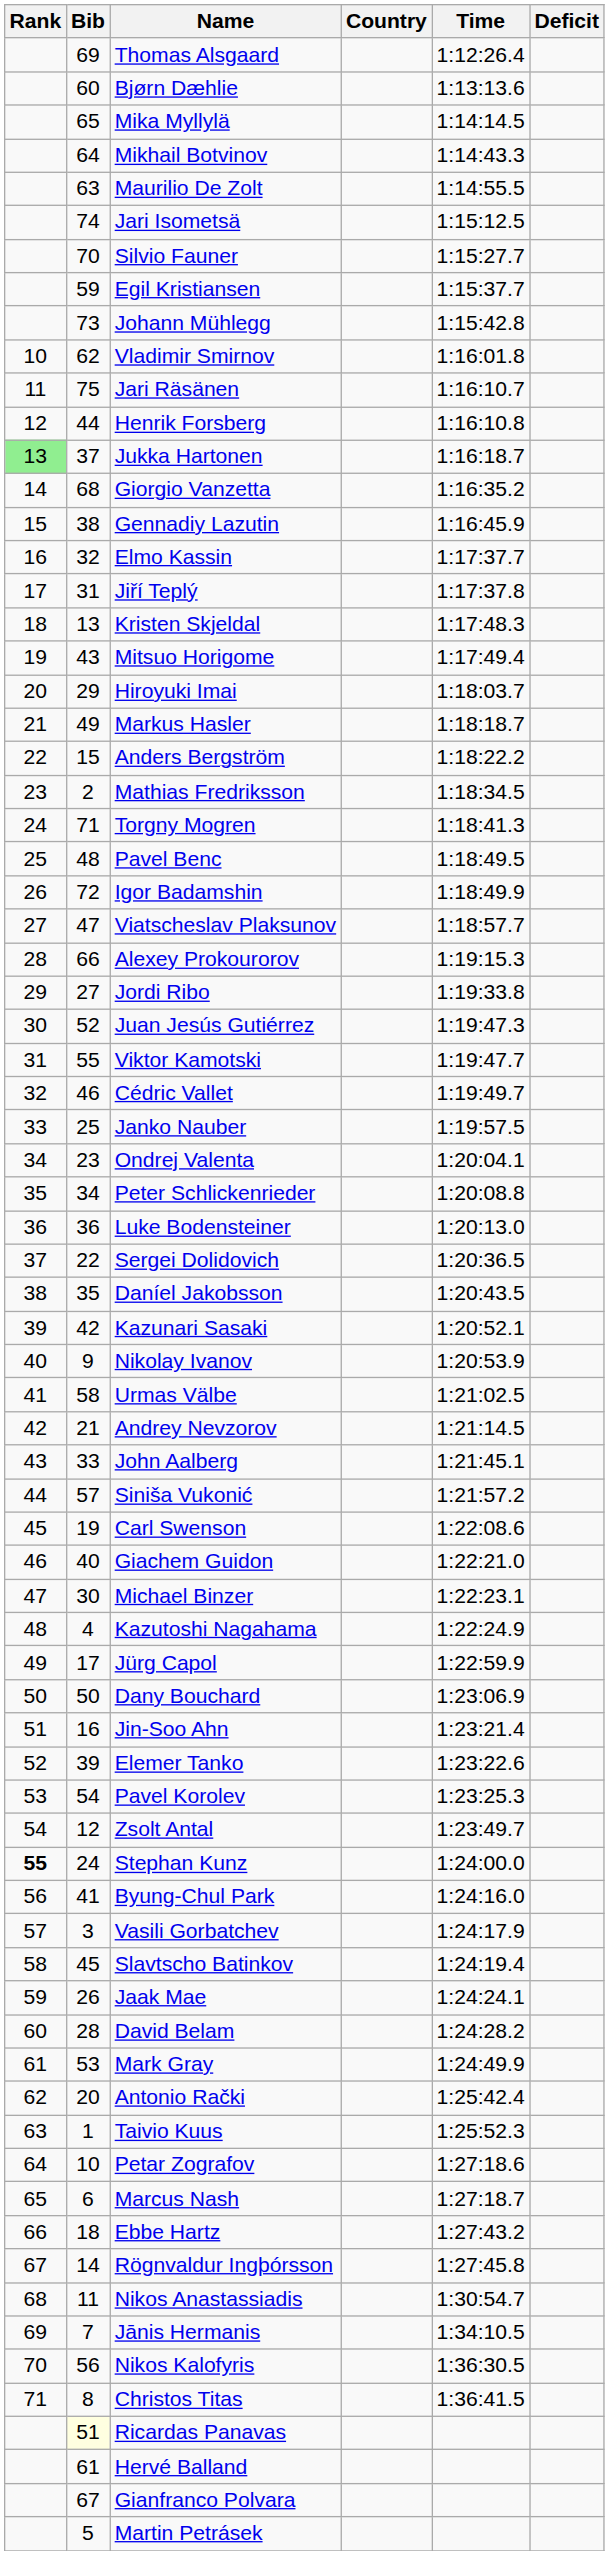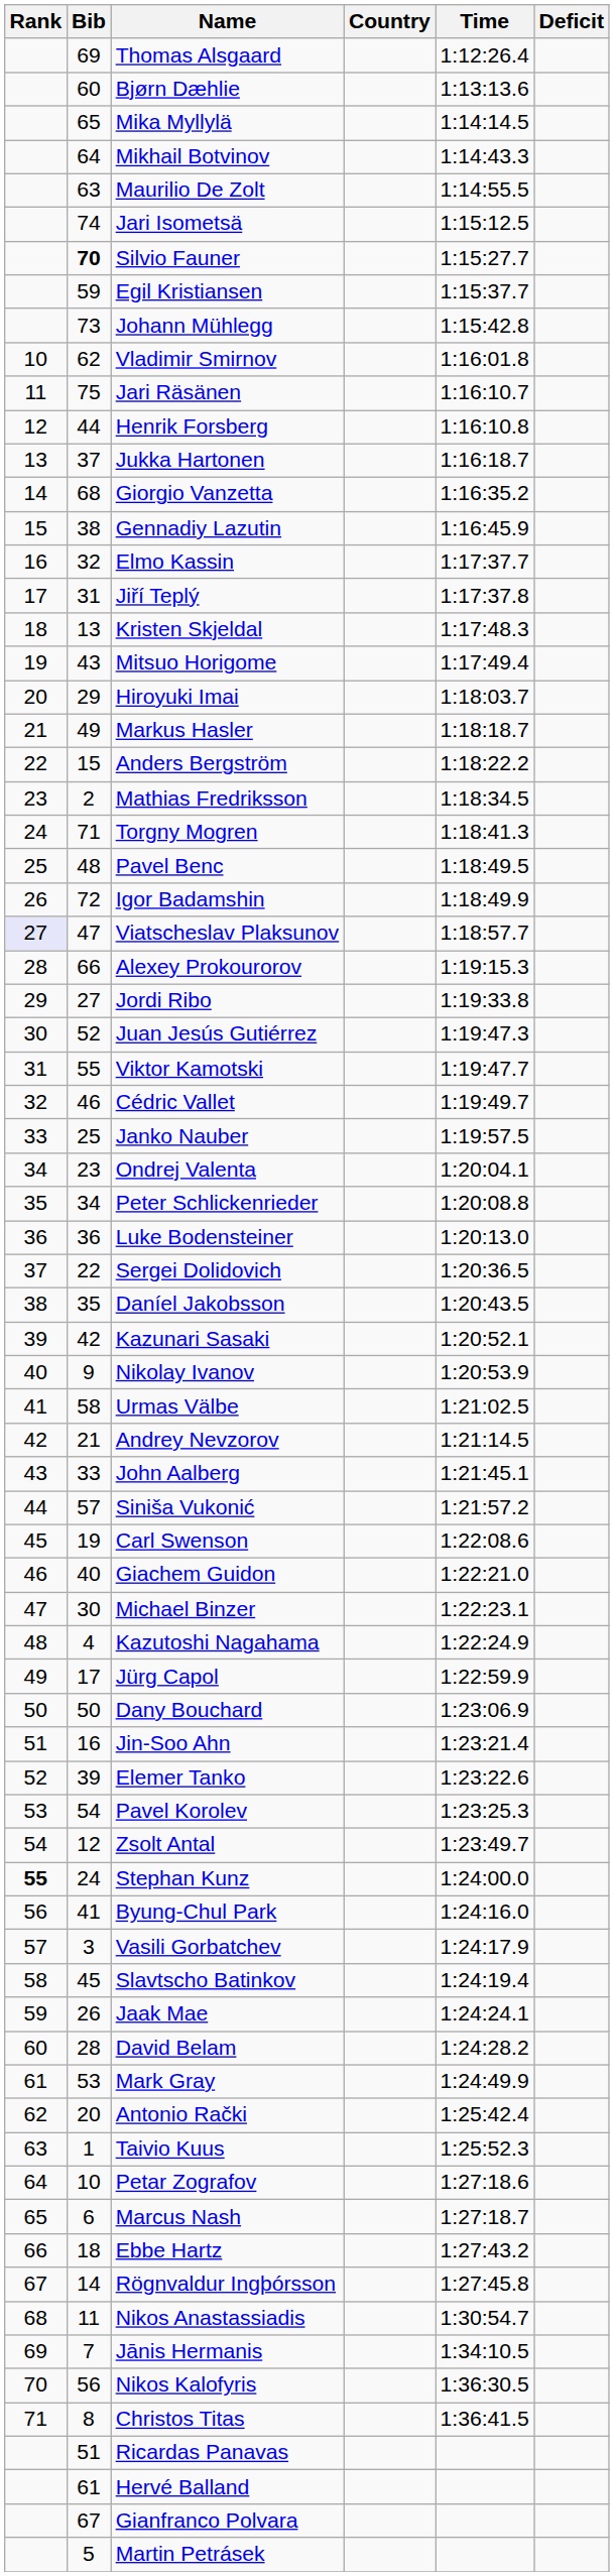 <table class="wikitable sortable" style="text-align:center">
 <tr>
 <th>Rank</th>
 <th>Bib</th>
 <th>Name</th>
 <th>Country</th>
 <th>Time</th>
 <th>Deficit</th>
 </tr>
 <tr>
 <td></td>
 <td>69</td>
 <td align="left"><a href='#'>Thomas Alsgaard</a></td>
 <td align="left"></td>
 <td>1:12:26.4</td>
 <td></td>
 </tr>
 <tr>
 <td></td>
 <td>60</td>
 <td align="left"><a href='#'>Bjørn Dæhlie</a></td>
 <td align="left"></td>
 <td>1:13:13.6</td>
 <td align=right></td>
 </tr>
 <tr>
 <td></td>
 <td>65</td>
 <td align="left"><a href='#'>Mika Myllylä</a></td>
 <td align="left"></td>
 <td>1:14:14.5</td>
 <td align=right></td>
 </tr>
 <tr>
 <td></td>
 <td>64</td>
 <td align="left"><a href='#'>Mikhail Botvinov</a></td>
 <td align="left"></td>
 <td>1:14:43.3</td>
 <td align=right></td>
 </tr>
 <tr>
 <td></td>
 <td>63</td>
 <td align="left"><a href='#'>Maurilio De Zolt</a></td>
 <td align="left"></td>
 <td>1:14:55.5</td>
 <td align=right></td>
 </tr>
 <tr>
 <td></td>
 <td>74</td>
 <td align="left"><a href='#'>Jari Isometsä</a></td>
 <td align="left"></td>
 <td>1:15:12.5</td>
 <td align=right></td>
 </tr>
 <tr>
 <td></td>
-<td>70</td>
+<td><strong>70</strong></td>
 <td align="left"><a href='#'>Silvio Fauner</a></td>
 <td align="left"></td>
 <td>1:15:27.7</td>
 <td align=right></td>
 </tr>
 <tr>
 <td></td>
 <td>59</td>
 <td align="left"><a href='#'>Egil Kristiansen</a></td>
 <td align="left"></td>
 <td>1:15:37.7</td>
 <td align=right></td>
 </tr>
 <tr>
 <td></td>
 <td>73</td>
 <td align="left"><a href='#'>Johann Mühlegg</a></td>
 <td align="left"></td>
 <td>1:15:42.8</td>
 <td align=right></td>
 </tr>
 <tr>
 <td>10</td>
 <td>62</td>
 <td align="left"><a href='#'>Vladimir Smirnov</a></td>
 <td align="left"></td>
 <td>1:16:01.8</td>
 <td align=right></td>
 </tr>
 <tr>
 <td>11</td>
 <td>75</td>
 <td align="left"><a href='#'>Jari Räsänen</a></td>
 <td align="left"></td>
 <td>1:16:10.7</td>
 <td align=right></td>
 </tr>
 <tr>
 <td>12</td>
 <td>44</td>
 <td align="left"><a href='#'>Henrik Forsberg</a></td>
 <td align="left"></td>
 <td>1:16:10.8</td>
 <td align=right></td>
 </tr>
 <tr>
-<td style="background: lightgreen;">13</td>
+<td>13</td>
 <td>37</td>
 <td align="left"><a href='#'>Jukka Hartonen</a></td>
 <td align="left"></td>
 <td>1:16:18.7</td>
 <td align=right></td>
 </tr>
 <tr>
 <td>14</td>
 <td>68</td>
 <td align="left"><a href='#'>Giorgio Vanzetta</a></td>
 <td align="left"></td>
 <td>1:16:35.2</td>
 <td align=right></td>
 </tr>
 <tr>
 <td>15</td>
 <td>38</td>
 <td align="left"><a href='#'>Gennadiy Lazutin</a></td>
 <td align="left"></td>
 <td>1:16:45.9</td>
 <td align=right></td>
 </tr>
 <tr>
 <td>16</td>
 <td>32</td>
 <td align="left"><a href='#'>Elmo Kassin</a></td>
 <td align="left"></td>
 <td>1:17:37.7</td>
 <td align=right></td>
 </tr>
 <tr>
 <td>17</td>
 <td>31</td>
 <td align="left"><a href='#'>Jiří Teplý</a></td>
 <td align="left"></td>
 <td>1:17:37.8</td>
 <td align=right></td>
 </tr>
 <tr>
 <td>18</td>
 <td>13</td>
 <td align="left"><a href='#'>Kristen Skjeldal</a></td>
 <td align="left"></td>
 <td>1:17:48.3</td>
 <td align=right></td>
 </tr>
 <tr>
 <td>19</td>
 <td>43</td>
 <td align="left"><a href='#'>Mitsuo Horigome</a></td>
 <td align="left"></td>
 <td>1:17:49.4</td>
 <td align=right></td>
 </tr>
 <tr>
 <td>20</td>
 <td>29</td>
 <td align="left"><a href='#'>Hiroyuki Imai</a></td>
 <td align="left"></td>
 <td>1:18:03.7</td>
 <td align=right></td>
 </tr>
 <tr>
 <td>21</td>
 <td>49</td>
 <td align="left"><a href='#'>Markus Hasler</a></td>
 <td align="left"></td>
 <td>1:18:18.7</td>
 <td align=right></td>
 </tr>
 <tr>
 <td>22</td>
 <td>15</td>
 <td align="left"><a href='#'>Anders Bergström</a></td>
 <td align="left"></td>
 <td>1:18:22.2</td>
 <td align=right></td>
 </tr>
 <tr>
 <td>23</td>
 <td>2</td>
 <td align="left"><a href='#'>Mathias Fredriksson</a></td>
 <td align="left"></td>
 <td>1:18:34.5</td>
 <td align=right></td>
 </tr>
 <tr>
 <td>24</td>
 <td>71</td>
 <td align="left"><a href='#'>Torgny Mogren</a></td>
 <td align="left"></td>
 <td>1:18:41.3</td>
 <td align=right></td>
 </tr>
 <tr>
 <td>25</td>
 <td>48</td>
 <td align="left"><a href='#'>Pavel Benc</a></td>
 <td align="left"></td>
 <td>1:18:49.5</td>
 <td align=right></td>
 </tr>
 <tr>
 <td>26</td>
 <td>72</td>
 <td align="left"><a href='#'>Igor Badamshin</a></td>
 <td align="left"></td>
 <td>1:18:49.9</td>
 <td align=right></td>
 </tr>
 <tr>
-<td>27</td>
+<td style="background: lavender;">27</td>
 <td>47</td>
 <td align="left"><a href='#'>Viatscheslav Plaksunov</a></td>
 <td align="left"></td>
 <td>1:18:57.7</td>
 <td align=right></td>
 </tr>
 <tr>
 <td>28</td>
 <td>66</td>
 <td align="left"><a href='#'>Alexey Prokourorov</a></td>
 <td align="left"></td>
 <td>1:19:15.3</td>
 <td align=right></td>
 </tr>
 <tr>
 <td>29</td>
 <td>27</td>
 <td align="left"><a href='#'>Jordi Ribo</a></td>
 <td align="left"></td>
 <td>1:19:33.8</td>
 <td align=right></td>
 </tr>
 <tr>
 <td>30</td>
 <td>52</td>
 <td align="left"><a href='#'>Juan Jesús Gutiérrez</a></td>
 <td align="left"></td>
 <td>1:19:47.3</td>
 <td align=right></td>
 </tr>
 <tr>
 <td>31</td>
 <td>55</td>
 <td align="left"><a href='#'>Viktor Kamotski</a></td>
 <td align="left"></td>
 <td>1:19:47.7</td>
 <td align=right></td>
 </tr>
 <tr>
 <td>32</td>
 <td>46</td>
 <td align="left"><a href='#'>Cédric Vallet</a></td>
 <td align="left"></td>
 <td>1:19:49.7</td>
 <td align=right></td>
 </tr>
 <tr>
 <td>33</td>
 <td>25</td>
 <td align="left"><a href='#'>Janko Nauber</a></td>
 <td align="left"></td>
 <td>1:19:57.5</td>
 <td align=right></td>
 </tr>
 <tr>
 <td>34</td>
 <td>23</td>
 <td align="left"><a href='#'>Ondrej Valenta</a></td>
 <td align="left"></td>
 <td>1:20:04.1</td>
 <td align=right></td>
 </tr>
 <tr>
 <td>35</td>
 <td>34</td>
 <td align="left"><a href='#'>Peter Schlickenrieder</a></td>
 <td align="left"></td>
 <td>1:20:08.8</td>
 <td align=right></td>
 </tr>
 <tr>
 <td>36</td>
 <td>36</td>
 <td align="left"><a href='#'>Luke Bodensteiner</a></td>
 <td align="left"></td>
 <td>1:20:13.0</td>
 <td align=right></td>
 </tr>
 <tr>
 <td>37</td>
 <td>22</td>
 <td align="left"><a href='#'>Sergei Dolidovich</a></td>
 <td align="left"></td>
 <td>1:20:36.5</td>
 <td align=right></td>
 </tr>
 <tr>
 <td>38</td>
 <td>35</td>
 <td align="left"><a href='#'>Daníel Jakobsson</a></td>
 <td align="left"></td>
 <td>1:20:43.5</td>
 <td align=right></td>
 </tr>
 <tr>
 <td>39</td>
 <td>42</td>
 <td align="left"><a href='#'>Kazunari Sasaki</a></td>
 <td align="left"></td>
 <td>1:20:52.1</td>
 <td align=right></td>
 </tr>
 <tr>
 <td>40</td>
 <td>9</td>
 <td align="left"><a href='#'>Nikolay Ivanov</a></td>
 <td align="left"></td>
 <td>1:20:53.9</td>
 <td align=right></td>
 </tr>
 <tr>
 <td>41</td>
 <td>58</td>
 <td align="left"><a href='#'>Urmas Välbe</a></td>
 <td align="left"></td>
 <td>1:21:02.5</td>
 <td align=right></td>
 </tr>
 <tr>
 <td>42</td>
 <td>21</td>
 <td align="left"><a href='#'>Andrey Nevzorov</a></td>
 <td align="left"></td>
 <td>1:21:14.5</td>
 <td align=right></td>
 </tr>
 <tr>
 <td>43</td>
 <td>33</td>
 <td align="left"><a href='#'>John Aalberg</a></td>
 <td align="left"></td>
 <td>1:21:45.1</td>
 <td align=right></td>
 </tr>
 <tr>
 <td>44</td>
 <td>57</td>
 <td align="left"><a href='#'>Siniša Vukonić</a></td>
 <td align="left"></td>
 <td>1:21:57.2</td>
 <td align=right></td>
 </tr>
 <tr>
 <td>45</td>
 <td>19</td>
 <td align="left"><a href='#'>Carl Swenson</a></td>
 <td align="left"></td>
 <td>1:22:08.6</td>
 <td align=right></td>
 </tr>
 <tr>
 <td>46</td>
 <td>40</td>
 <td align="left"><a href='#'>Giachem Guidon</a></td>
 <td align="left"></td>
 <td>1:22:21.0</td>
 <td align=right></td>
 </tr>
 <tr>
 <td>47</td>
 <td>30</td>
 <td align="left"><a href='#'>Michael Binzer</a></td>
 <td align="left"></td>
 <td>1:22:23.1</td>
 <td align=right></td>
 </tr>
 <tr>
 <td>48</td>
 <td>4</td>
 <td align="left"><a href='#'>Kazutoshi Nagahama</a></td>
 <td align="left"></td>
 <td>1:22:24.9</td>
 <td align=right></td>
 </tr>
 <tr>
 <td>49</td>
 <td>17</td>
 <td align="left"><a href='#'>Jürg Capol</a></td>
 <td align="left"></td>
 <td>1:22:59.9</td>
 <td align=right></td>
 </tr>
 <tr>
 <td>50</td>
 <td>50</td>
 <td align="left"><a href='#'>Dany Bouchard</a></td>
 <td align="left"></td>
 <td>1:23:06.9</td>
 <td align=right></td>
 </tr>
 <tr>
 <td>51</td>
 <td>16</td>
 <td align="left"><a href='#'>Jin-Soo Ahn</a></td>
 <td align="left"></td>
 <td>1:23:21.4</td>
 <td align=right></td>
 </tr>
 <tr>
 <td>52</td>
 <td>39</td>
 <td align="left"><a href='#'>Elemer Tanko</a></td>
 <td align="left"></td>
 <td>1:23:22.6</td>
 <td align=right></td>
 </tr>
 <tr>
 <td>53</td>
 <td>54</td>
 <td align="left"><a href='#'>Pavel Korolev</a></td>
 <td align="left"></td>
 <td>1:23:25.3</td>
 <td align=right></td>
 </tr>
 <tr>
 <td>54</td>
 <td>12</td>
 <td align="left"><a href='#'>Zsolt Antal</a></td>
 <td align="left"></td>
 <td>1:23:49.7</td>
 <td align=right></td>
 </tr>
 <tr>
 <td><strong>55</strong></td>
 <td>24</td>
 <td align="left"><a href='#'>Stephan Kunz</a></td>
 <td align="left"></td>
 <td>1:24:00.0</td>
 <td align=right></td>
 </tr>
 <tr>
 <td>56</td>
 <td>41</td>
 <td align="left"><a href='#'>Byung-Chul Park</a></td>
 <td align="left"></td>
 <td>1:24:16.0</td>
 <td align=right></td>
 </tr>
 <tr>
 <td>57</td>
 <td>3</td>
 <td align="left"><a href='#'>Vasili Gorbatchev</a></td>
 <td align="left"></td>
 <td>1:24:17.9</td>
 <td align=right></td>
 </tr>
 <tr>
 <td>58</td>
 <td>45</td>
 <td align="left"><a href='#'>Slavtscho Batinkov</a></td>
 <td align="left"></td>
 <td>1:24:19.4</td>
 <td align=right></td>
 </tr>
 <tr>
 <td>59</td>
 <td>26</td>
 <td align="left"><a href='#'>Jaak Mae</a></td>
 <td align="left"></td>
 <td>1:24:24.1</td>
 <td align=right></td>
 </tr>
 <tr>
 <td>60</td>
 <td>28</td>
 <td align="left"><a href='#'>David Belam</a></td>
 <td align="left"></td>
 <td>1:24:28.2</td>
 <td align=right></td>
 </tr>
 <tr>
 <td>61</td>
 <td>53</td>
 <td align="left"><a href='#'>Mark Gray</a></td>
 <td align="left"></td>
 <td>1:24:49.9</td>
 <td align=right></td>
 </tr>
 <tr>
 <td>62</td>
 <td>20</td>
 <td align="left"><a href='#'>Antonio Rački</a></td>
 <td align="left"></td>
 <td>1:25:42.4</td>
 <td align=right></td>
 </tr>
 <tr>
 <td>63</td>
 <td>1</td>
 <td align="left"><a href='#'>Taivio Kuus</a></td>
 <td align="left"></td>
 <td>1:25:52.3</td>
 <td align=right></td>
 </tr>
 <tr>
 <td>64</td>
 <td>10</td>
 <td align="left"><a href='#'>Petar Zografov</a></td>
 <td align="left"></td>
 <td>1:27:18.6</td>
 <td align=right></td>
 </tr>
 <tr>
 <td>65</td>
 <td>6</td>
 <td align="left"><a href='#'>Marcus Nash</a></td>
 <td align="left"></td>
 <td>1:27:18.7</td>
 <td align=right></td>
 </tr>
 <tr>
 <td>66</td>
 <td>18</td>
 <td align="left"><a href='#'>Ebbe Hartz</a></td>
 <td align="left"></td>
 <td>1:27:43.2</td>
 <td align=right></td>
 </tr>
 <tr>
 <td>67</td>
 <td>14</td>
 <td align="left"><a href='#'>Rögnvaldur Ingþórsson</a></td>
 <td align="left"></td>
 <td>1:27:45.8</td>
 <td align=right></td>
 </tr>
 <tr>
 <td>68</td>
 <td>11</td>
 <td align="left"><a href='#'>Nikos Anastassiadis</a></td>
 <td align="left"></td>
 <td>1:30:54.7</td>
 <td align=right></td>
 </tr>
 <tr>
 <td>69</td>
 <td>7</td>
 <td align="left"><a href='#'>Jānis Hermanis</a></td>
 <td align="left"></td>
 <td>1:34:10.5</td>
 <td align=right></td>
 </tr>
 <tr>
 <td>70</td>
 <td>56</td>
 <td align="left"><a href='#'>Nikos Kalofyris</a></td>
 <td align="left"></td>
 <td>1:36:30.5</td>
 <td align=right></td>
 </tr>
 <tr>
 <td>71</td>
 <td>8</td>
 <td align="left"><a href='#'>Christos Titas</a></td>
 <td align="left"></td>
 <td>1:36:41.5</td>
 <td align=right></td>
 </tr>
 <tr>
 <td></td>
-<td style="background: lightyellow;">51</td>
+<td>51</td>
 <td align="left"><a href='#'>Ricardas Panavas</a></td>
 <td align="left"></td>
 <td></td>
 <td></td>
 </tr>
 <tr>
 <td></td>
 <td>61</td>
 <td align="left"><a href='#'>Hervé Balland</a></td>
 <td align="left"></td>
 <td></td>
 <td></td>
 </tr>
 <tr>
 <td></td>
 <td>67</td>
 <td align="left"><a href='#'>Gianfranco Polvara</a></td>
 <td align="left"></td>
 <td></td>
 <td></td>
 </tr>
 <tr>
 <td></td>
 <td>5</td>
 <td align="left"><a href='#'>Martin Petrásek</a></td>
 <td align="left"></td>
 <td></td>
 <td></td>
 </tr>
 </table>
